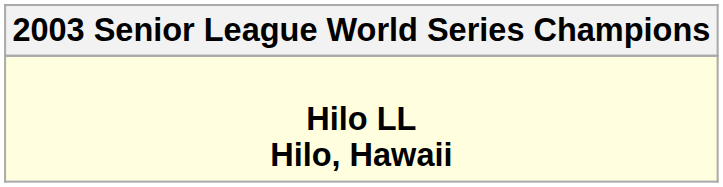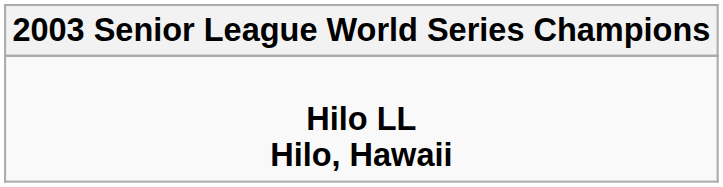 <table class="wikitable" style="text-align: center; margin: 0 auto;">
 <tr>
 <th>2003 Senior League World Series Champions</th>
 </tr>
 <tr>
 </tr>
 <tr>
-<td style="background: lightyellow;"><br><strong>Hilo LL</strong><br> <strong>Hilo, Hawaii</strong></td>
+<td><br><strong>Hilo LL</strong><br> <strong>Hilo, Hawaii</strong></td>
 </tr>
 </table>
